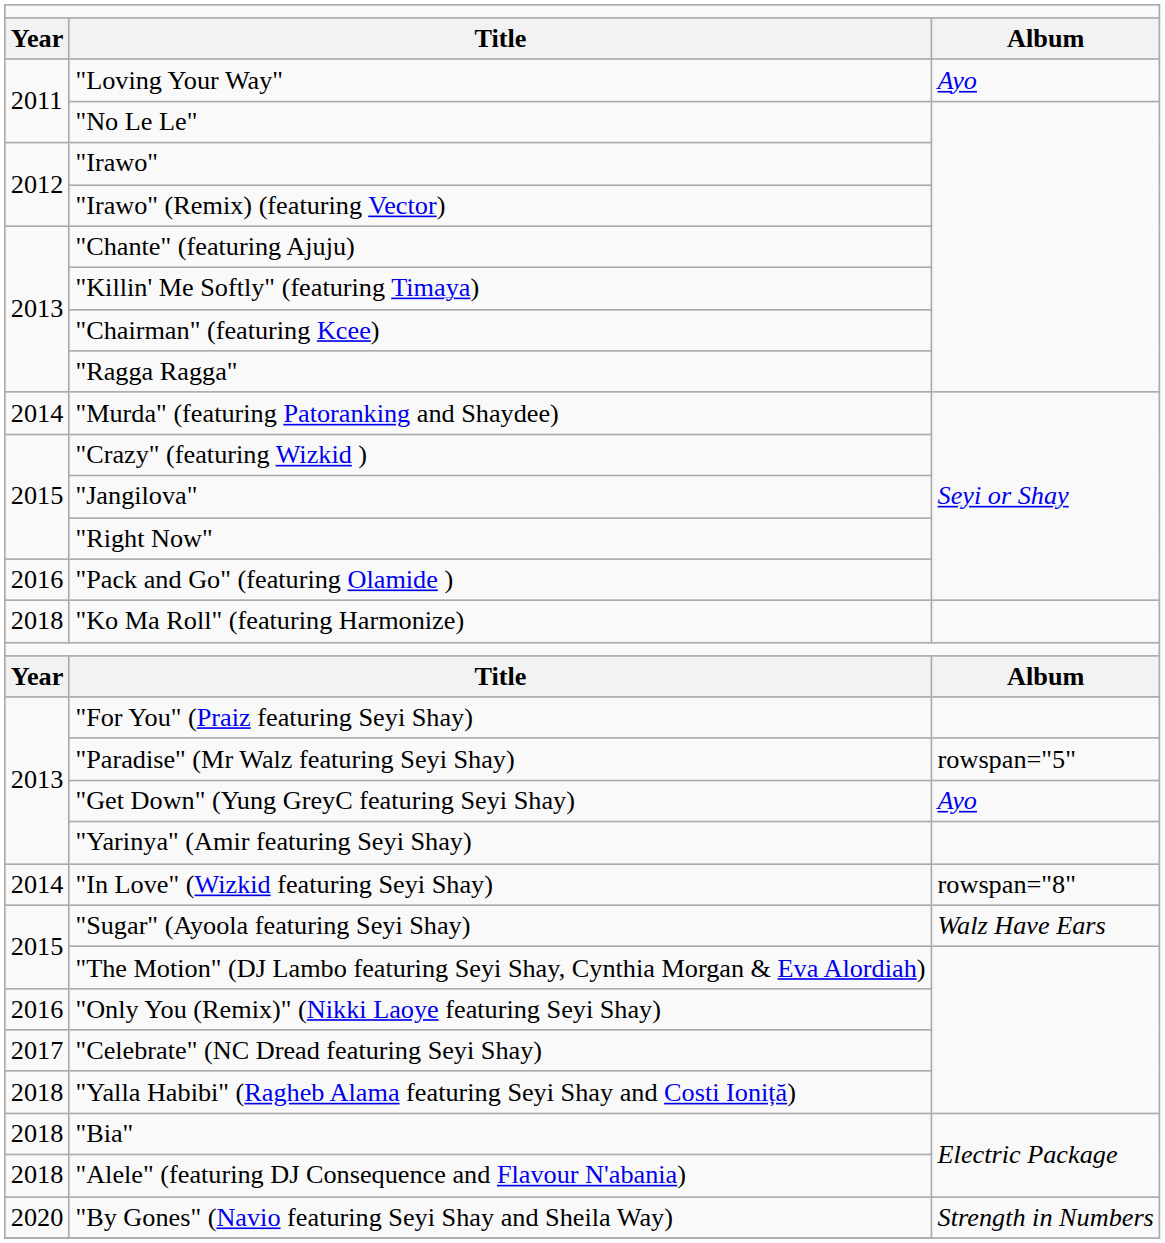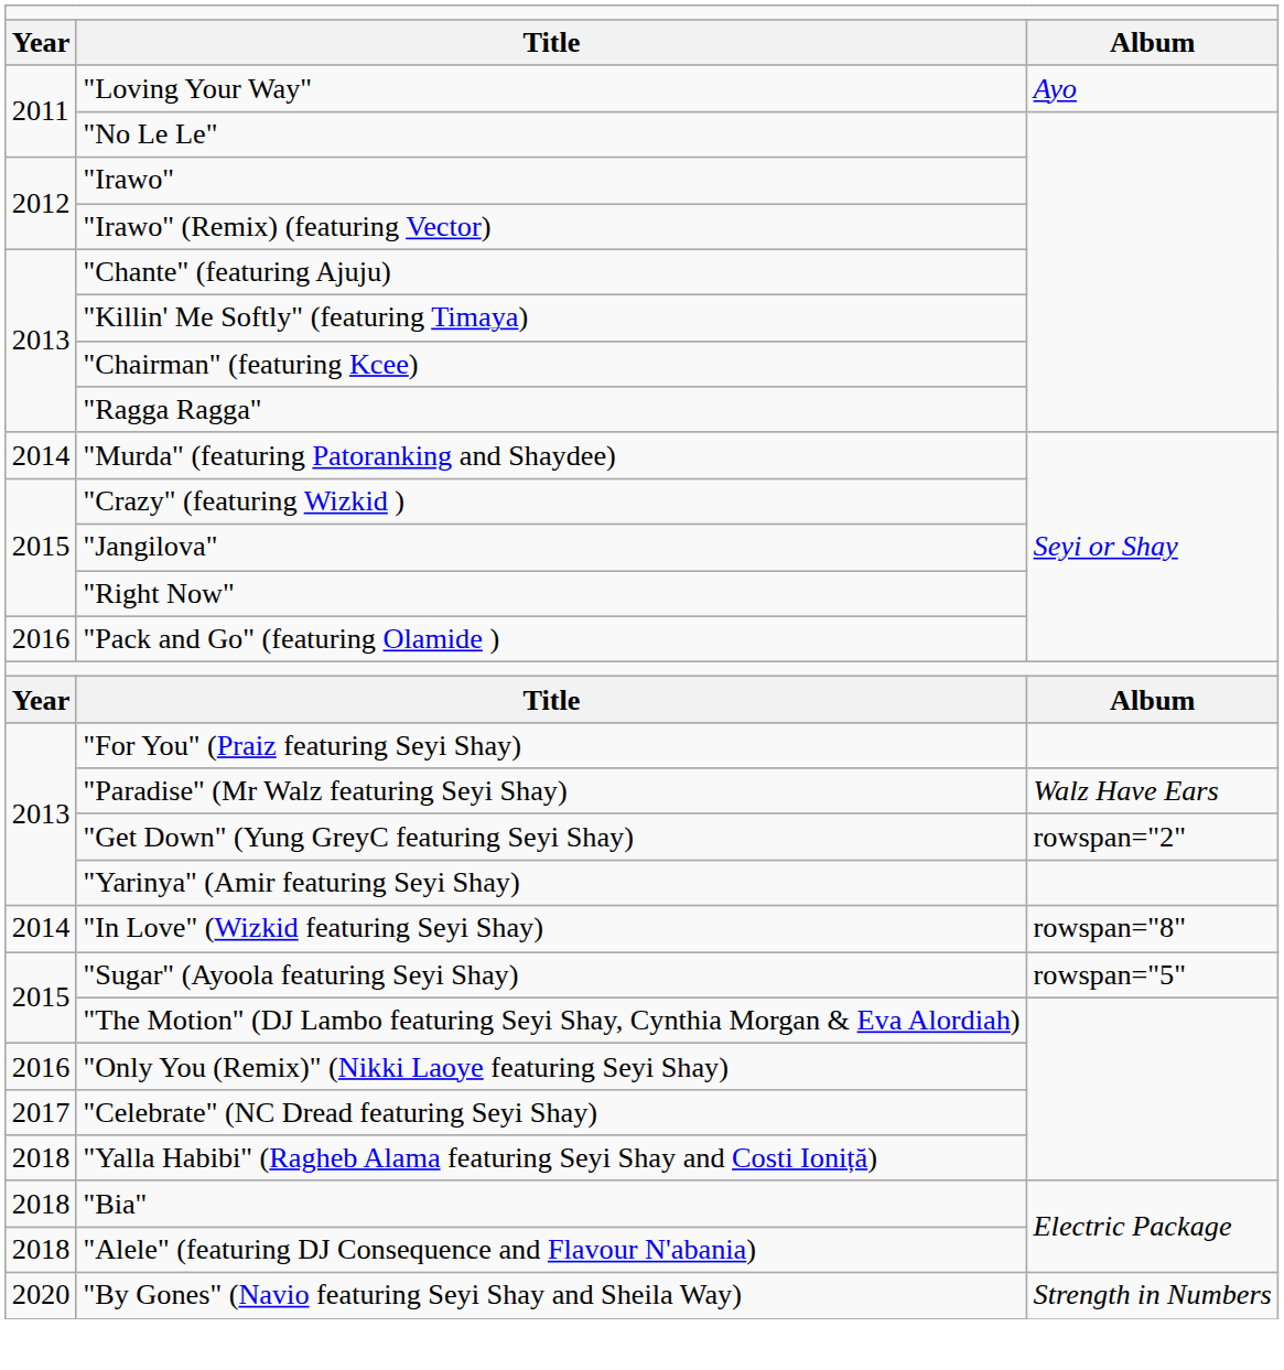 <table class="wikitable sortable">
 <tr>
 <td colspan="3" style="font-size:110%"></td>
 </tr>
 <tr>
 <th>Year</th>
 <th>Title</th>
 <th>Album</th>
 </tr>
 <tr>
 <td rowspan="2">2011</td>
 <td>"Loving Your Way"</td>
 <td><em><a href='#'>Ayo</a></em></td>
 </tr>
 <tr>
 <td>"No Le Le"</td>
 </tr>
 <tr>
 <td rowspan="2">2012</td>
 <td>"Irawo"</td>
 </tr>
 <tr>
 <td>"Irawo" (Remix) <span>(featuring <a href='#'>Vector</a>)</span></td>
 </tr>
 <tr>
 <td rowspan="4">2013</td>
 <td>"Chante" <span>(featuring Ajuju)</span></td>
 </tr>
 <tr>
 <td>"Killin' Me Softly" <span>(featuring <a href='#'>Timaya</a>)</span></td>
 </tr>
 <tr>
 <td>"Chairman"  <span>(featuring <a href='#'>Kcee</a>)</span></td>
 </tr>
 <tr>
 <td>"Ragga Ragga"</td>
 </tr>
 <tr>
 <td>2014</td>
 <td>"Murda" <span>(featuring <a href='#'>Patoranking</a> and Shaydee)</span></td>
 <td rowspan=5><em><a href='#'>Seyi or Shay</a></em></td>
 </tr>
 <tr>
 <td rowspan="3">2015</td>
 <td>"Crazy" <span>(featuring <a href='#'>Wizkid</a> )</span></td>
 </tr>
 <tr>
 <td>"Jangilova"</td>
 </tr>
 <tr>
 <td>"Right Now"</td>
 </tr>
 <tr>
 <td>2016</td>
 <td>"Pack and Go" <span>(featuring <a href='#'>Olamide</a> )</span></td>
 </tr>
 <tr>
-<td>2018</td>
-<td>"Ko Ma Roll" <span>(featuring Harmonize)</span></td>
-<td></td>
-</tr>
-<tr>
 <td colspan="3" style="font-size:110%"></td>
 </tr>
 <tr>
 <th>Year</th>
 <th>Title</th>
 <th>Album</th>
 </tr>
 <tr>
 <td rowspan="4">2013</td>
 <td>"For You" <span>(<a href='#'>Praiz</a> featuring Seyi Shay)</span></td>
 <td></td>
 </tr>
 <tr>
 <td>"Paradise" <span>(Mr Walz featuring Seyi Shay)</span></td>
-<td>rowspan="5"  </td>
+<td><em>Walz Have Ears</em></td>
 </tr>
 <tr>
 <td>"Get Down" <span>(Yung GreyC featuring Seyi Shay)</span></td>
-<td><em><a href='#'>Ayo</a></em></td>
+<td>rowspan="2" </td>
 </tr>
 <tr>
 <td>"Yarinya" <span>(Amir featuring Seyi Shay)</span></td>
 </tr>
 <tr>
 <td rowspan="1">2014</td>
 <td>"In Love" <span>(<a href='#'>Wizkid</a> featuring Seyi Shay)</span></td>
 <td>rowspan="8" </td>
 </tr>
 <tr>
 <td rowspan="2">2015</td>
 <td>"Sugar" <span>(Ayoola featuring Seyi Shay) </span></td>
-<td><em>Walz Have Ears</em></td>
+<td>rowspan="5"  </td>
 </tr>
 <tr>
 <td>"The Motion" <span>(DJ Lambo featuring Seyi Shay, Cynthia Morgan & <a href='#'>Eva Alordiah</a>)</span></td>
 </tr>
 <tr>
 <td>2016</td>
 <td>"Only You (Remix)" <span>(<a href='#'>Nikki Laoye</a> featuring Seyi Shay)</span></td>
 </tr>
 <tr>
 <td>2017</td>
 <td>"Celebrate" <span>(NC Dread featuring Seyi Shay)</span></td>
 </tr>
 <tr>
 <td>2018</td>
 <td>"Yalla Habibi" <span>(<a href='#'>Ragheb Alama</a> featuring Seyi Shay and <a href='#'>Costi Ioniță</a>)</span></td>
 </tr>
 <tr>
 <td>2018</td>
 <td>"Bia"</td>
 <td rowspan="2"><em>Electric Package</em></td>
 </tr>
 <tr>
 <td>2018</td>
 <td>"Alele" <span>(featuring DJ Consequence and <a href='#'>Flavour N'abania</a>)</span></td>
 </tr>
 <tr>
 <td>2020</td>
 <td>"By Gones" <span>(<a href='#'>Navio</a> featuring Seyi Shay and Sheila Way)</span></td>
 <td rowspan="2"><em>Strength in Numbers</em></td>
 </tr>
 <tr>
 </tr>
 </table>
